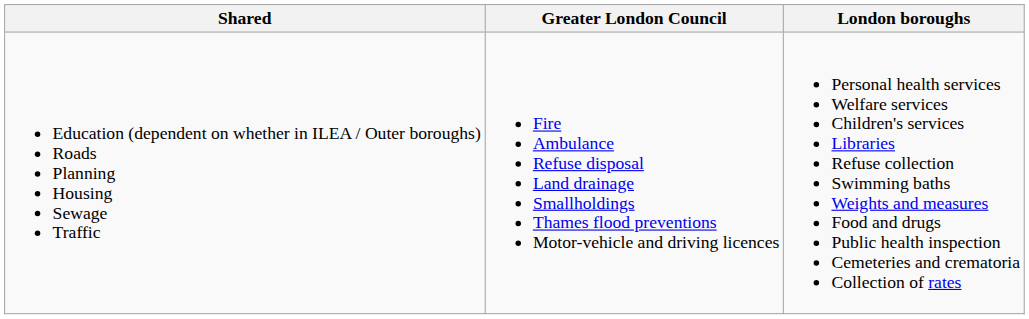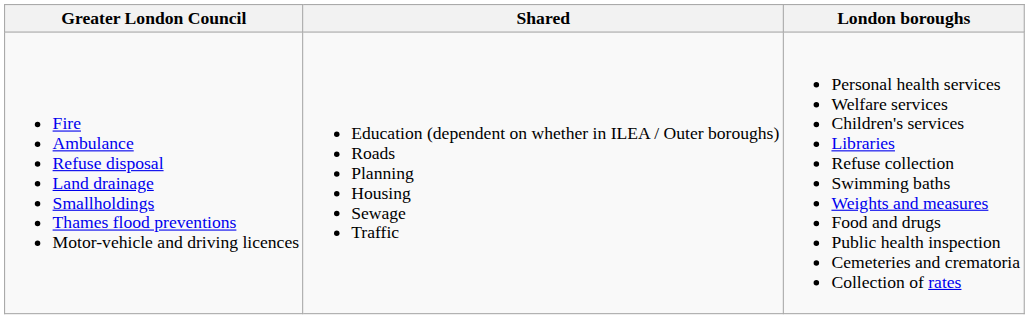 <table class="wikitable">
 <tr>
+<th>Greater London Council</th>
 <th>Shared</th>
-<th>Greater London Council</th>
 <th>London boroughs</th>
 </tr>
 <tr>
+<td><br><ul><li><a href='#'>Fire</a></li><li><a href='#'>Ambulance</a></li><li><a href='#'>Refuse disposal</a></li><li><a href='#'>Land drainage</a></li><li><a href='#'>Smallholdings</a></li><li><a href='#'>Thames flood preventions</a></li><li>Motor-vehicle and driving licences</li></ul></td>
 <td><br><ul><li>Education (dependent on whether in ILEA / Outer boroughs)</li><li>Roads</li><li>Planning</li><li>Housing</li><li>Sewage</li><li>Traffic</li></ul></td>
-<td><br><ul><li><a href='#'>Fire</a></li><li><a href='#'>Ambulance</a></li><li><a href='#'>Refuse disposal</a></li><li><a href='#'>Land drainage</a></li><li><a href='#'>Smallholdings</a></li><li><a href='#'>Thames flood preventions</a></li><li>Motor-vehicle and driving licences</li></ul></td>
 <td><br><ul><li>Personal health services</li><li>Welfare services</li><li>Children's services</li><li><a href='#'>Libraries</a></li><li>Refuse collection</li><li>Swimming baths</li><li><a href='#'>Weights and measures</a></li><li>Food and drugs</li><li>Public health inspection</li><li>Cemeteries and crematoria</li><li>Collection of <a href='#'>rates</a></li></ul></td>
 </tr>
 </table>
